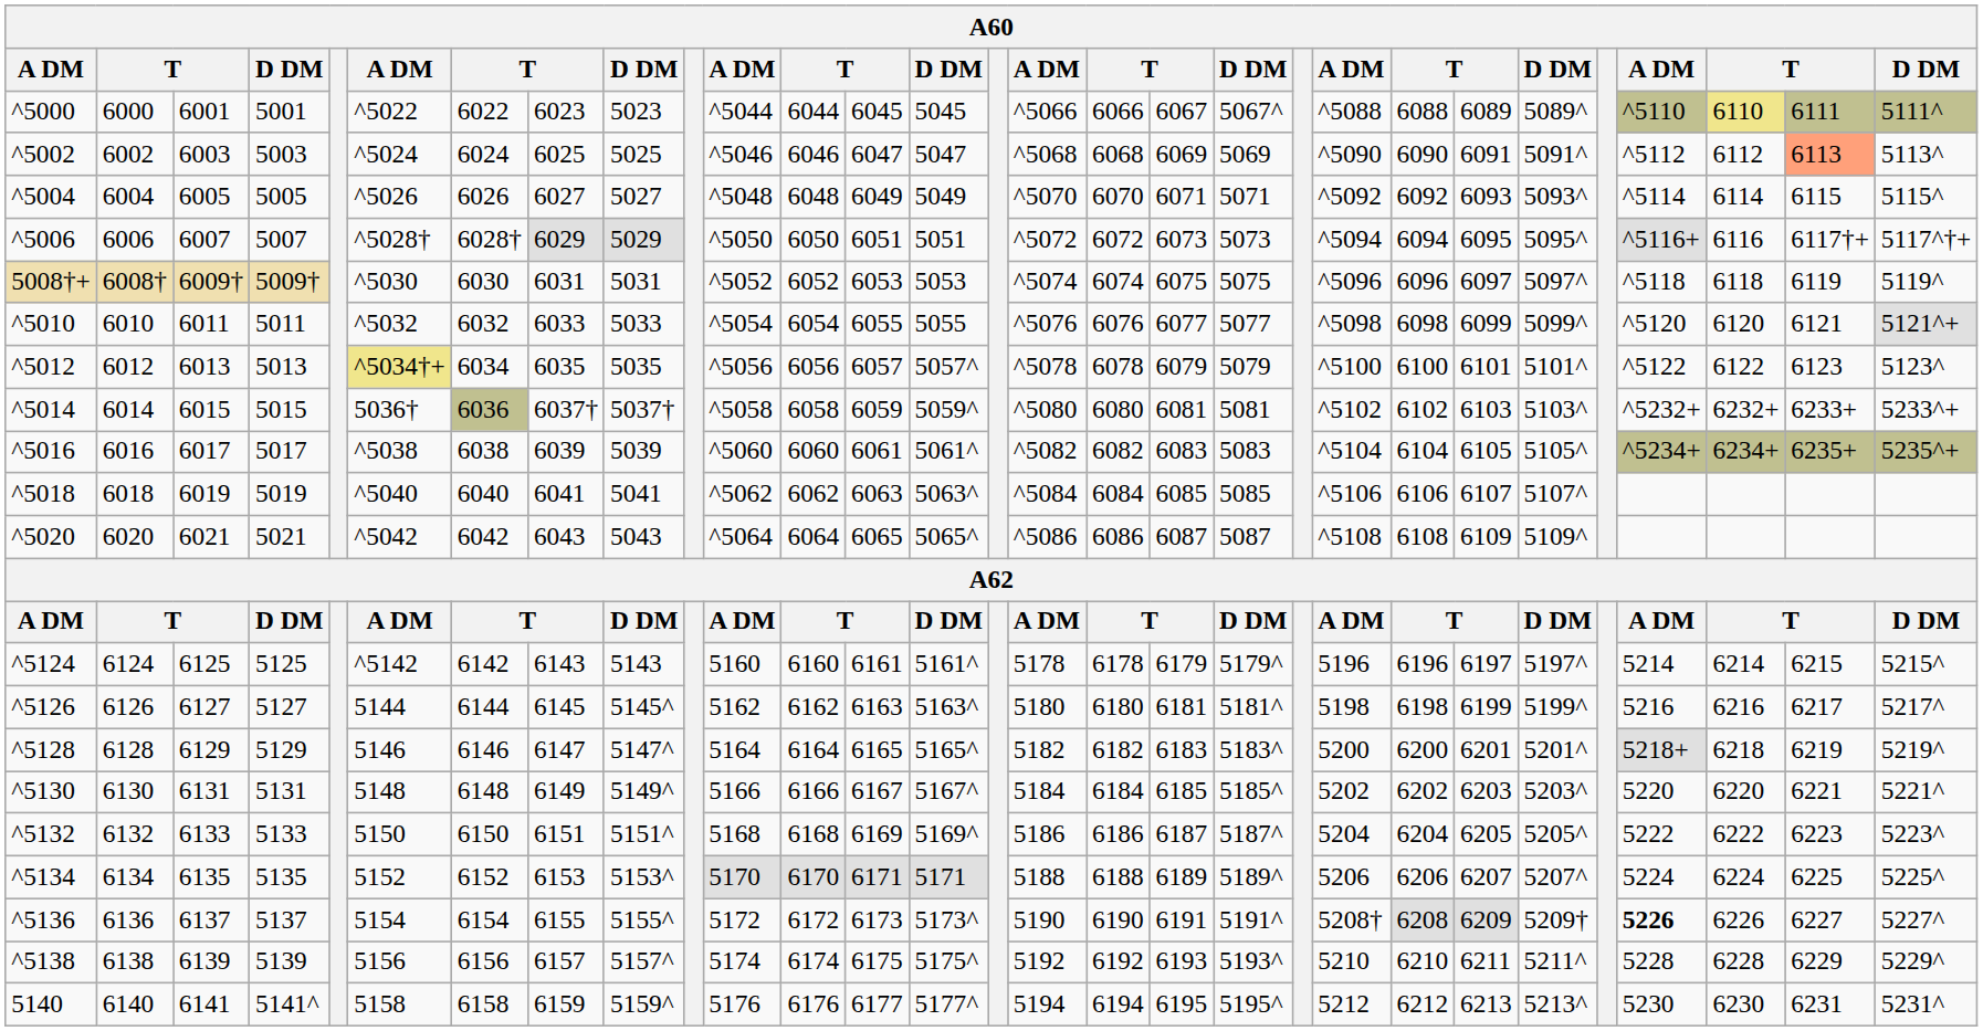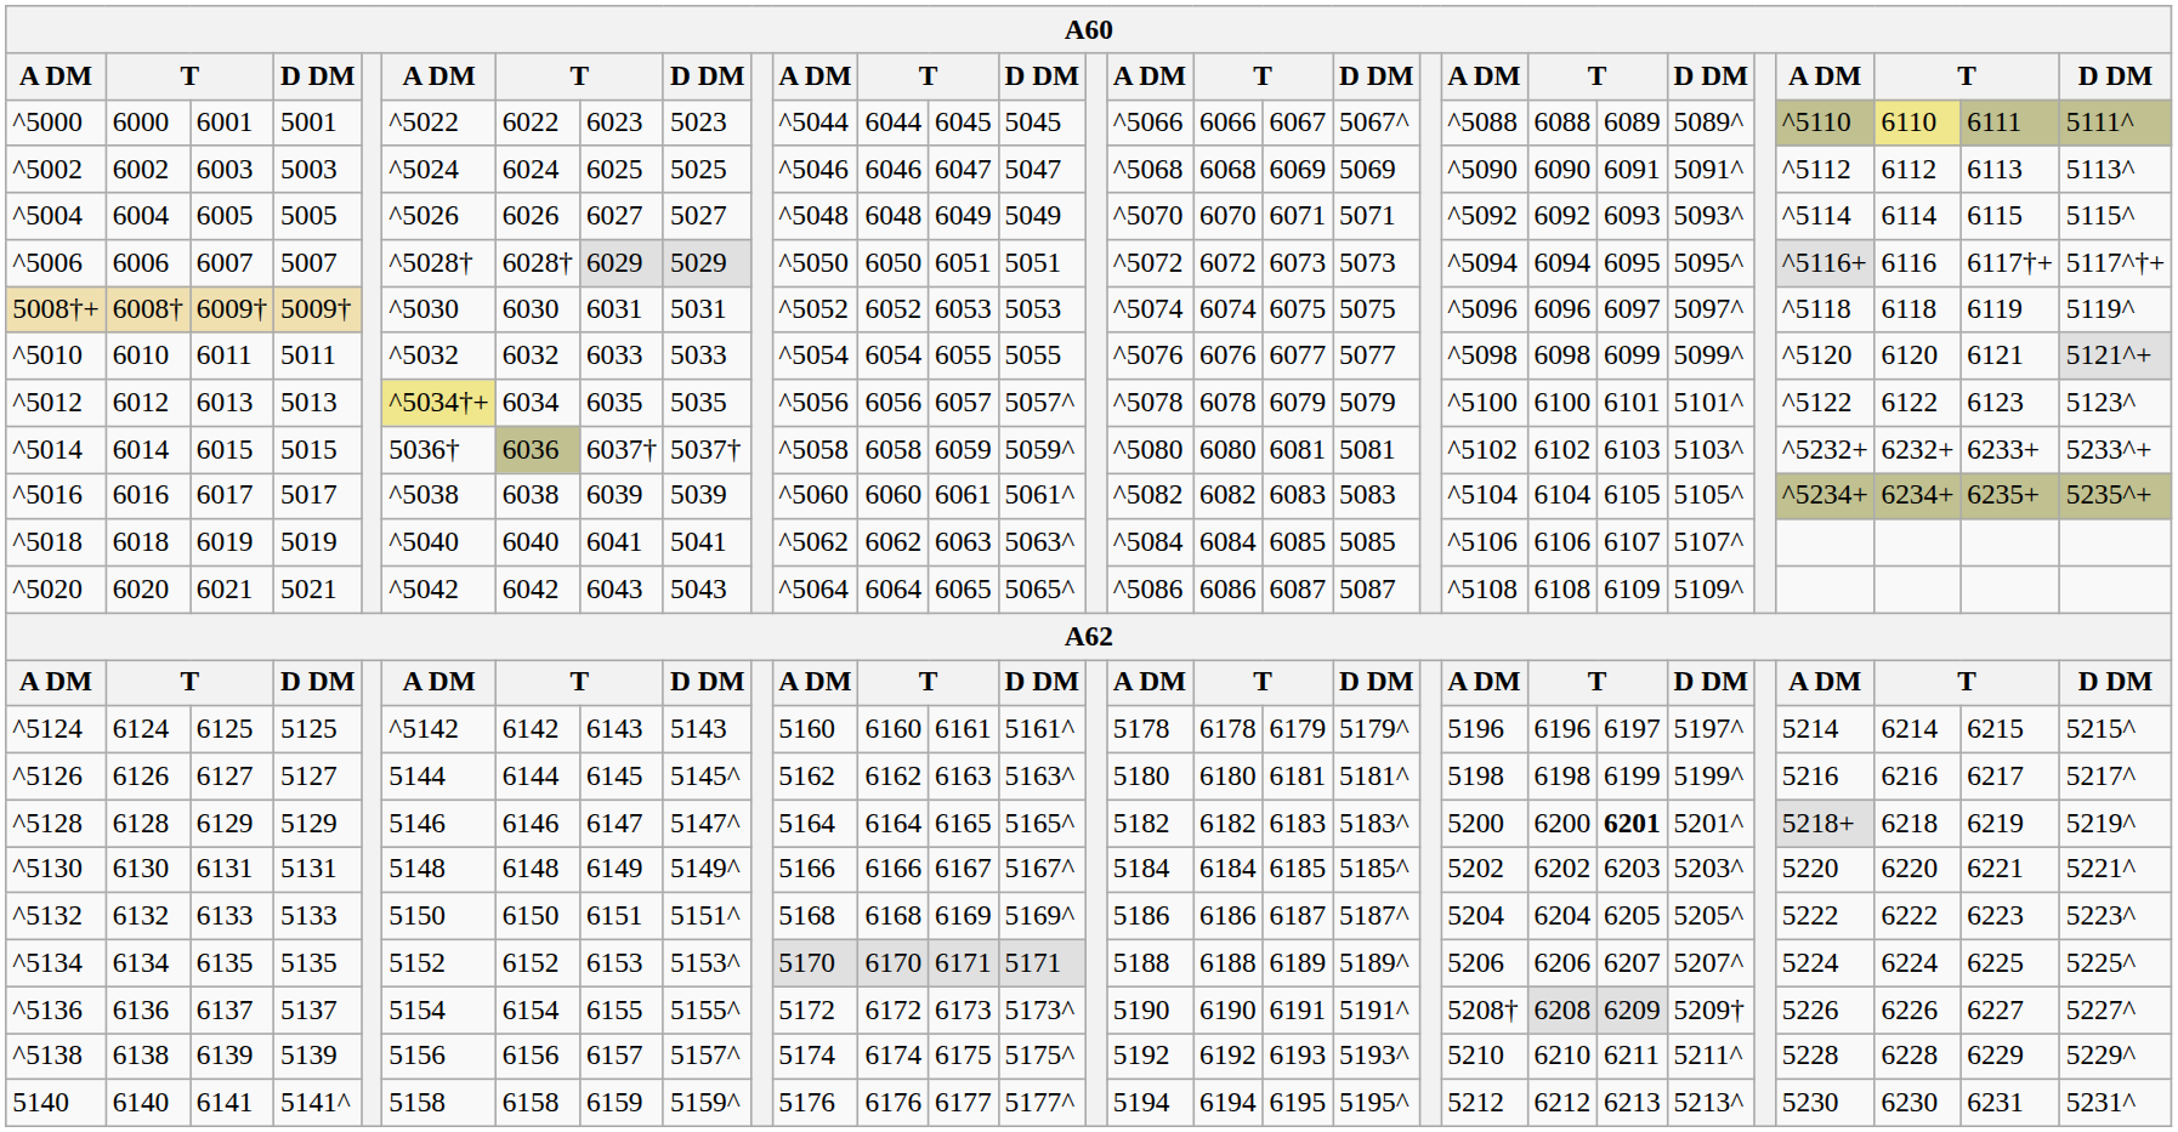 <table class="wikitable collapsible collapsed" style="font-size: 90%;">
 <tr>
 <th Colspan="29">A60</th>
 </tr>
 <tr>
 <th>A DM</th>
 <th colspan=2>T</th>
 <th>D DM</th>
 <th rowspan="12"> </th>
 <th>A DM</th>
 <th colspan=2>T</th>
 <th>D DM</th>
 <th rowspan="12"> </th>
 <th>A DM</th>
 <th colspan=2>T</th>
 <th>D DM</th>
 <th rowspan="12"> </th>
 <th>A DM</th>
 <th colspan=2>T</th>
 <th>D DM</th>
 <th rowspan="12"> </th>
 <th>A DM</th>
 <th colspan=2>T</th>
 <th>D DM</th>
 <th rowspan="12"> </th>
 <th>A DM</th>
 <th colspan=2>T</th>
 <th>D DM</th>
 </tr>
 <tr>
 <td>^5000</td>
 <td>6000</td>
 <td>6001</td>
 <td>5001</td>
 <td>^5022</td>
 <td>6022</td>
 <td>6023</td>
 <td>5023</td>
 <td>^5044</td>
 <td>6044</td>
 <td>6045</td>
 <td>5045</td>
 <td>^5066</td>
 <td>6066</td>
 <td>6067</td>
 <td>5067^</td>
 <td>^5088</td>
 <td>6088</td>
 <td>6089</td>
 <td>5089^</td>
 <td style="background:#c0c090;">^5110</td>
 <td style="background:khaki;">6110</td>
 <td style="background:#c0c090;">6111</td>
 <td style="background:#c0c090;">5111^</td>
 </tr>
 <tr>
 <td>^5002</td>
 <td>6002</td>
 <td>6003</td>
 <td>5003</td>
 <td>^5024</td>
 <td>6024</td>
 <td>6025</td>
 <td>5025</td>
 <td>^5046</td>
 <td>6046</td>
 <td>6047</td>
 <td>5047</td>
 <td>^5068</td>
 <td>6068</td>
 <td>6069</td>
 <td>5069</td>
 <td>^5090</td>
 <td>6090</td>
 <td>6091</td>
 <td>5091^</td>
 <td>^5112</td>
 <td>6112</td>
-<td style="background: lightsalmon;">6113</td>
+<td>6113</td>
 <td>5113^</td>
 </tr>
 <tr>
 <td>^5004</td>
 <td>6004</td>
 <td>6005</td>
 <td>5005</td>
 <td>^5026</td>
 <td>6026</td>
 <td>6027</td>
 <td>5027</td>
 <td>^5048</td>
 <td>6048</td>
 <td>6049</td>
 <td>5049</td>
 <td>^5070</td>
 <td>6070</td>
 <td>6071</td>
 <td>5071</td>
 <td>^5092</td>
 <td>6092</td>
 <td>6093</td>
 <td>5093^</td>
 <td>^5114</td>
 <td>6114</td>
 <td>6115</td>
 <td>5115^</td>
 </tr>
 <tr>
 <td>^5006</td>
 <td>6006</td>
 <td>6007</td>
 <td>5007</td>
 <td>^5028†</td>
 <td>6028†</td>
 <td style="background:#e0e0e0;">6029</td>
 <td style="background:#e0e0e0;">5029</td>
 <td>^5050</td>
 <td>6050</td>
 <td>6051</td>
 <td>5051</td>
 <td>^5072</td>
 <td>6072</td>
 <td>6073</td>
 <td>5073</td>
 <td>^5094</td>
 <td>6094</td>
 <td>6095</td>
 <td>5095^</td>
 <td style="background:#e0e0e0;">^5116+</td>
 <td>6116</td>
 <td>6117†+</td>
 <td>5117^†+</td>
 </tr>
 <tr>
 <td style="background:#f0e0b0;">5008†+</td>
 <td style="background:#f0e0b0;">6008†</td>
 <td style="background:#f0e0b0;">6009†</td>
 <td style="background:#f0e0b0;">5009†</td>
 <td>^5030</td>
 <td>6030</td>
 <td>6031</td>
 <td>5031</td>
 <td>^5052</td>
 <td>6052</td>
 <td>6053</td>
 <td>5053</td>
 <td>^5074</td>
 <td>6074</td>
 <td>6075</td>
 <td>5075</td>
 <td>^5096</td>
 <td>6096</td>
 <td>6097</td>
 <td>5097^</td>
 <td>^5118</td>
 <td>6118</td>
 <td>6119</td>
 <td>5119^</td>
 </tr>
 <tr>
 <td>^5010</td>
 <td>6010</td>
 <td>6011</td>
 <td>5011</td>
 <td>^5032</td>
 <td>6032</td>
 <td>6033</td>
 <td>5033</td>
 <td>^5054</td>
 <td>6054</td>
 <td>6055</td>
 <td>5055</td>
 <td>^5076</td>
 <td>6076</td>
 <td>6077</td>
 <td>5077</td>
 <td>^5098</td>
 <td>6098</td>
 <td>6099</td>
 <td>5099^</td>
 <td>^5120</td>
 <td>6120</td>
 <td>6121</td>
 <td style="background:#e0e0e0;">5121^+</td>
 </tr>
 <tr>
 <td>^5012</td>
 <td>6012</td>
 <td>6013</td>
 <td>5013</td>
 <td Bgcolor=khaki>^5034†+</td>
 <td>6034</td>
 <td>6035</td>
 <td>5035</td>
 <td>^5056</td>
 <td>6056</td>
 <td>6057</td>
 <td>5057^</td>
 <td>^5078</td>
 <td>6078</td>
 <td>6079</td>
 <td>5079</td>
 <td>^5100</td>
 <td>6100</td>
 <td>6101</td>
 <td>5101^</td>
 <td>^5122</td>
 <td>6122</td>
 <td>6123</td>
 <td>5123^</td>
 </tr>
 <tr>
 <td>^5014</td>
 <td>6014</td>
 <td>6015</td>
 <td>5015</td>
 <td>5036†</td>
 <td style="background:#c0c090;">6036</td>
 <td>6037†</td>
 <td>5037†</td>
 <td>^5058</td>
 <td>6058</td>
 <td>6059</td>
 <td>5059^</td>
 <td>^5080</td>
 <td>6080</td>
 <td>6081</td>
 <td>5081</td>
 <td>^5102</td>
 <td>6102</td>
 <td>6103</td>
 <td>5103^</td>
 <td>^5232+</td>
 <td>6232+</td>
 <td>6233+</td>
 <td>5233^+</td>
 </tr>
 <tr>
 <td>^5016</td>
 <td>6016</td>
 <td>6017</td>
 <td>5017</td>
 <td>^5038</td>
 <td>6038</td>
 <td>6039</td>
 <td>5039</td>
 <td>^5060</td>
 <td>6060</td>
 <td>6061</td>
 <td>5061^</td>
 <td>^5082</td>
 <td>6082</td>
 <td>6083</td>
 <td>5083</td>
 <td>^5104</td>
 <td>6104</td>
 <td>6105</td>
 <td>5105^</td>
 <td style="background:#c0c090;">^5234+</td>
 <td style="background:#c0c090;">6234+</td>
 <td style="background:#c0c090;">6235+</td>
 <td style="background:#c0c090;">5235^+</td>
 </tr>
 <tr>
 <td>^5018</td>
 <td>6018</td>
 <td>6019</td>
 <td>5019</td>
 <td>^5040</td>
 <td>6040</td>
 <td>6041</td>
 <td>5041</td>
 <td>^5062</td>
 <td>6062</td>
 <td>6063</td>
 <td>5063^</td>
 <td>^5084</td>
 <td>6084</td>
 <td>6085</td>
 <td>5085</td>
 <td>^5106</td>
 <td>6106</td>
 <td>6107</td>
 <td>5107^</td>
 <td> </td>
 <td> </td>
 <td> </td>
 <td> </td>
 </tr>
 <tr>
 <td>^5020</td>
 <td>6020</td>
 <td>6021</td>
 <td>5021</td>
 <td>^5042</td>
 <td>6042</td>
 <td>6043</td>
 <td>5043</td>
 <td>^5064</td>
 <td>6064</td>
 <td>6065</td>
 <td>5065^</td>
 <td>^5086</td>
 <td>6086</td>
 <td>6087</td>
 <td>5087</td>
 <td>^5108</td>
 <td>6108</td>
 <td>6109</td>
 <td>5109^</td>
 <td> </td>
 <td> </td>
 <td> </td>
 <td> </td>
 </tr>
 <tr>
 <th Colspan="29">A62</th>
 </tr>
 <tr>
 <th>A DM</th>
 <th colspan=2>T</th>
 <th>D DM</th>
 <th rowspan="10"> </th>
 <th>A DM</th>
 <th colspan=2>T</th>
 <th>D DM</th>
 <th rowspan="10"> </th>
 <th>A DM</th>
 <th colspan=2>T</th>
 <th>D DM</th>
 <th rowspan="10"> </th>
 <th>A DM</th>
 <th colspan=2>T</th>
 <th>D DM</th>
 <th rowspan="10"> </th>
 <th>A DM</th>
 <th colspan=2>T</th>
 <th>D DM</th>
 <th rowspan="10"> </th>
 <th>A DM</th>
 <th colspan=2>T</th>
 <th>D DM</th>
 </tr>
 <tr>
 <td>^5124</td>
 <td>6124</td>
 <td>6125</td>
 <td>5125</td>
 <td>^5142</td>
 <td>6142</td>
 <td>6143</td>
 <td>5143</td>
 <td>5160</td>
 <td>6160</td>
 <td>6161</td>
 <td>5161^</td>
 <td>5178</td>
 <td>6178</td>
 <td>6179</td>
 <td>5179^</td>
 <td>5196</td>
 <td>6196</td>
 <td>6197</td>
 <td>5197^</td>
 <td>5214</td>
 <td>6214</td>
 <td>6215</td>
 <td>5215^</td>
 </tr>
 <tr>
 <td>^5126</td>
 <td>6126</td>
 <td>6127</td>
 <td>5127</td>
 <td>5144</td>
 <td>6144</td>
 <td>6145</td>
 <td>5145^</td>
 <td>5162</td>
 <td>6162</td>
 <td>6163</td>
 <td>5163^</td>
 <td>5180</td>
 <td>6180</td>
 <td>6181</td>
 <td>5181^</td>
 <td>5198</td>
 <td>6198</td>
 <td>6199</td>
 <td>5199^</td>
 <td>5216</td>
 <td>6216</td>
 <td>6217</td>
 <td>5217^</td>
 </tr>
 <tr>
 <td>^5128</td>
 <td>6128</td>
 <td>6129</td>
 <td>5129</td>
 <td>5146</td>
 <td>6146</td>
 <td>6147</td>
 <td>5147^</td>
 <td>5164</td>
 <td>6164</td>
 <td>6165</td>
 <td>5165^</td>
 <td>5182</td>
 <td>6182</td>
 <td>6183</td>
 <td>5183^</td>
 <td>5200</td>
 <td>6200</td>
-<td>6201</td>
+<td><strong>6201</strong></td>
 <td>5201^</td>
 <td style="background:#e0e0e0;">5218+</td>
 <td>6218</td>
 <td>6219</td>
 <td>5219^</td>
 </tr>
 <tr>
 <td>^5130</td>
 <td>6130</td>
 <td>6131</td>
 <td>5131</td>
 <td>5148</td>
 <td>6148</td>
 <td>6149</td>
 <td>5149^</td>
 <td>5166</td>
 <td>6166</td>
 <td>6167</td>
 <td>5167^</td>
 <td>5184</td>
 <td>6184</td>
 <td>6185</td>
 <td>5185^</td>
 <td>5202</td>
 <td>6202</td>
 <td>6203</td>
 <td>5203^</td>
 <td>5220</td>
 <td>6220</td>
 <td>6221</td>
 <td>5221^</td>
 </tr>
 <tr>
 <td>^5132</td>
 <td>6132</td>
 <td>6133</td>
 <td>5133</td>
 <td>5150</td>
 <td>6150</td>
 <td>6151</td>
 <td>5151^</td>
 <td>5168</td>
 <td>6168</td>
 <td>6169</td>
 <td>5169^</td>
 <td>5186</td>
 <td>6186</td>
 <td>6187</td>
 <td>5187^</td>
 <td>5204</td>
 <td>6204</td>
 <td>6205</td>
 <td>5205^</td>
 <td>5222</td>
 <td>6222</td>
 <td>6223</td>
 <td>5223^</td>
 </tr>
 <tr>
 <td>^5134</td>
 <td>6134</td>
 <td>6135</td>
 <td>5135</td>
 <td>5152</td>
 <td>6152</td>
 <td>6153</td>
 <td>5153^</td>
 <td style="background:#e0e0e0;">5170</td>
 <td style="background:#e0e0e0;">6170</td>
 <td style="background:#e0e0e0;">6171</td>
 <td style="background:#e0e0e0;">5171</td>
 <td>5188</td>
 <td>6188</td>
 <td>6189</td>
 <td>5189^</td>
 <td>5206</td>
 <td>6206</td>
 <td>6207</td>
 <td>5207^</td>
 <td>5224</td>
 <td>6224</td>
 <td>6225</td>
 <td>5225^</td>
 </tr>
 <tr>
 <td>^5136</td>
 <td>6136</td>
 <td>6137</td>
 <td>5137</td>
 <td>5154</td>
 <td>6154</td>
 <td>6155</td>
 <td>5155^</td>
 <td>5172</td>
 <td>6172</td>
 <td>6173</td>
 <td>5173^</td>
 <td>5190</td>
 <td>6190</td>
 <td>6191</td>
 <td>5191^</td>
 <td>5208†</td>
 <td style="background:#e0e0e0;">6208</td>
 <td style="background:#e0e0e0;">6209</td>
 <td>5209†</td>
-<td><strong>5226</strong></td>
+<td>5226</td>
 <td>6226</td>
 <td>6227</td>
 <td>5227^</td>
 </tr>
 <tr>
 <td>^5138</td>
 <td>6138</td>
 <td>6139</td>
 <td>5139</td>
 <td>5156</td>
 <td>6156</td>
 <td>6157</td>
 <td>5157^</td>
 <td>5174</td>
 <td>6174</td>
 <td>6175</td>
 <td>5175^</td>
 <td>5192</td>
 <td>6192</td>
 <td>6193</td>
 <td>5193^</td>
 <td>5210</td>
 <td>6210</td>
 <td>6211</td>
 <td>5211^</td>
 <td>5228</td>
 <td>6228</td>
 <td>6229</td>
 <td>5229^</td>
 </tr>
 <tr>
 <td>5140</td>
 <td>6140</td>
 <td>6141</td>
 <td>5141^</td>
 <td>5158</td>
 <td>6158</td>
 <td>6159</td>
 <td>5159^</td>
 <td>5176</td>
 <td>6176</td>
 <td>6177</td>
 <td>5177^</td>
 <td>5194</td>
 <td>6194</td>
 <td>6195</td>
 <td>5195^</td>
 <td>5212</td>
 <td>6212</td>
 <td>6213</td>
 <td>5213^</td>
 <td>5230</td>
 <td>6230</td>
 <td>6231</td>
 <td>5231^</td>
 </tr>
 </table>
